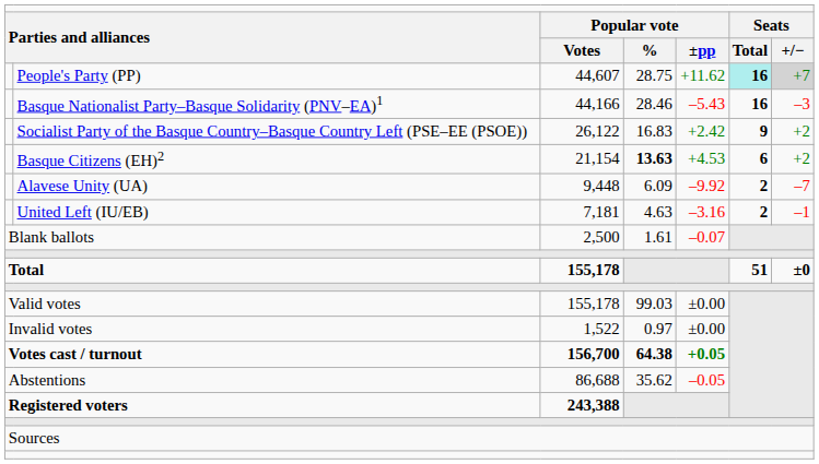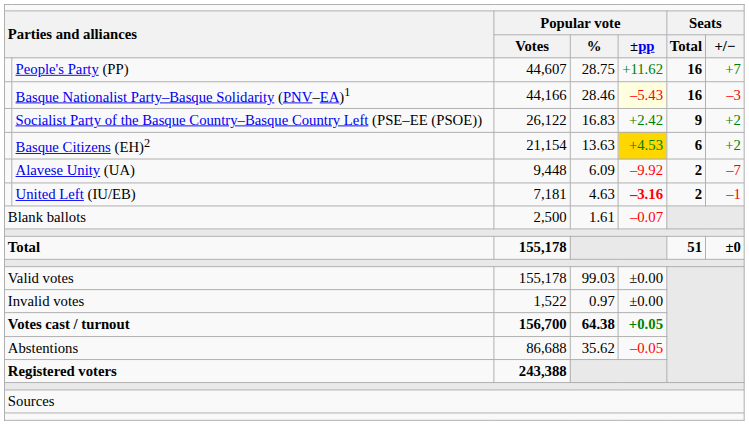 <table class="wikitable" style="text-align:right;">
 <tr>
 <td colspan="7"></td>
 </tr>
 <tr>
 <th style="text-align:left;" rowspan="2" colspan="2" width="525">Parties and alliances</th>
 <th colspan="3">Popular vote</th>
 <th colspan="2">Seats</th>
 </tr>
 <tr>
 <th width="75">Votes</th>
 <th width="45">%</th>
 <th width="45">±<a href='#'>pp</a></th>
 <th width="35">Total</th>
 <th width="35">+/−</th>
 </tr>
 <tr>
 <td width="1" style="color:inherit;background:"></td>
 <td align="left"><a href='#'>People's Party</a> (PP)</td>
 <td>44,607</td>
 <td>28.75</td>
 <td style="color:green;">+11.62</td>
-<td style="background: paleturquoise;"><strong>16</strong></td>
-<td style="background: lightgrey; color:green;">+7</td>
+<td><strong>16</strong></td>
+<td style="color:green;">+7</td>
 </tr>
 <tr>
 <td style="color:inherit;background:"></td>
 <td align="left"><a href='#'>Basque Nationalist Party–Basque Solidarity</a> (<a href='#'>PNV</a>–<a href='#'>EA</a>)<sup>1</sup></td>
 <td>44,166</td>
 <td>28.46</td>
-<td style="color:red;">–5.43</td>
+<td style="background: lightyellow; color:red;">–5.43</td>
 <td><strong>16</strong></td>
 <td style="color:red;">–3</td>
 </tr>
 <tr>
 <td style="color:inherit;background:"></td>
 <td align="left"><a href='#'>Socialist Party of the Basque Country–Basque Country Left</a> (PSE–EE (PSOE))</td>
 <td>26,122</td>
 <td>16.83</td>
 <td style="color:green;">+2.42</td>
 <td><strong>9</strong></td>
 <td style="color:green;">+2</td>
 </tr>
 <tr>
 <td style="color:inherit;background:"></td>
 <td align="left"><a href='#'>Basque Citizens</a> (EH)<sup>2</sup></td>
 <td>21,154</td>
-<td><strong>13.63</strong></td>
-<td style="color:green;">+4.53</td>
+<td>13.63</td>
+<td style="background: gold; color:green;">+4.53</td>
 <td><strong>6</strong></td>
 <td style="color:green;">+2</td>
 </tr>
 <tr>
 <td style="color:inherit;background:"></td>
 <td align="left"><a href='#'>Alavese Unity</a> (UA)</td>
 <td>9,448</td>
 <td>6.09</td>
 <td style="color:red;">–9.92</td>
 <td><strong>2</strong></td>
 <td style="color:red;">–7</td>
 </tr>
 <tr>
 <td style="color:inherit;background:"></td>
 <td align="left"><a href='#'>United Left</a> (IU/EB)</td>
 <td>7,181</td>
 <td>4.63</td>
-<td style="color:red;">–3.16</td>
+<td style="color:red;"><strong>–3.16</strong></td>
 <td><strong>2</strong></td>
 <td style="color:red;">–1</td>
 </tr>
 <tr>
 <td align="left" colspan="2">Blank ballots</td>
 <td>2,500</td>
 <td>1.61</td>
 <td style="color:red;">–0.07</td>
 <td bgcolor="#E9E9E9" colspan="2"></td>
 </tr>
 <tr>
 <td colspan="7" bgcolor="#E9E9E9"></td>
 </tr>
 <tr style="font-weight:bold;">
 <td align="left" colspan="2">Total</td>
 <td>155,178</td>
 <td bgcolor="#E9E9E9" colspan="2"></td>
 <td>51</td>
 <td>±0</td>
 </tr>
 <tr>
 <td colspan="7" bgcolor="#E9E9E9"></td>
 </tr>
 <tr>
 <td align="left" colspan="2">Valid votes</td>
 <td>155,178</td>
 <td>99.03</td>
 <td>±0.00</td>
 <td bgcolor="#E9E9E9" colspan="2" rowspan="5"></td>
 </tr>
 <tr>
 <td align="left" colspan="2">Invalid votes</td>
 <td>1,522</td>
 <td>0.97</td>
 <td>±0.00</td>
 </tr>
 <tr style="font-weight:bold;">
 <td align="left" colspan="2">Votes cast / turnout</td>
 <td>156,700</td>
 <td>64.38</td>
 <td style="color:green;">+0.05</td>
 </tr>
 <tr>
 <td align="left" colspan="2">Abstentions</td>
 <td>86,688</td>
 <td>35.62</td>
 <td style="color:red;">–0.05</td>
 </tr>
 <tr style="font-weight:bold;">
 <td align="left" colspan="2">Registered voters</td>
 <td>243,388</td>
 <td bgcolor="#E9E9E9" colspan="2"></td>
 </tr>
 <tr>
 <td colspan="7" bgcolor="#E9E9E9"></td>
 </tr>
 <tr>
 <td align="left" colspan="7">Sources</td>
 </tr>
 <tr>
 <td colspan="7" style="text-align:left; max-width:790px;"></td>
 </tr>
 </table>
